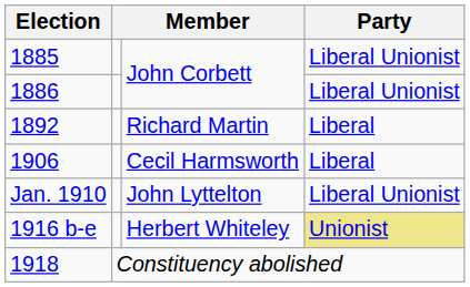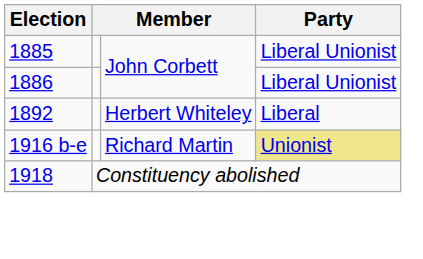 <table class="wikitable">
 <tr>
 <th>Election</th>
 <th colspan="2">Member</th>
 <th>Party</th>
 </tr>
 <tr>
 <td><a href='#'>1885</a></td>
 <td style="color:inherit;background-color: "></td>
 <td rowspan="2"><a href='#'>John Corbett</a></td>
 <td><a href='#'>Liberal Unionist</a></td>
 </tr>
 <tr>
 <td><a href='#'>1886</a></td>
 <td style="color:inherit;background-color: "></td>
 <td><a href='#'>Liberal Unionist</a></td>
 </tr>
 <tr>
 <td><a href='#'>1892</a></td>
 <td style="color:inherit;background-color: "></td>
-<td><a href='#'>Richard Martin</a></td>
+<td><a href='#'>Herbert Whiteley</a></td>
 <td><a href='#'>Liberal</a></td>
-</tr>
-<tr>
-<td><a href='#'>1906</a></td>
-<td style="color:inherit;background-color: "></td>
-<td><a href='#'>Cecil Harmsworth</a></td>
-<td><a href='#'>Liberal</a></td>
-</tr>
-<tr>
-<td><a href='#'>Jan. 1910</a></td>
-<td style="color:inherit;background-color: "></td>
-<td><a href='#'>John Lyttelton</a></td>
-<td><a href='#'>Liberal Unionist</a></td>
 </tr>
 <tr>
 <td><a href='#'>1916 b-e</a></td>
 <td style="color:inherit;background-color: "></td>
-<td><a href='#'>Herbert Whiteley</a></td>
+<td><a href='#'>Richard Martin</a></td>
 <td style="background: khaki;"><a href='#'>Unionist</a></td>
 </tr>
 <tr>
 <td><a href='#'>1918</a></td>
 <td colspan="3"><em>Constituency abolished</em></td>
 </tr>
 </table>
